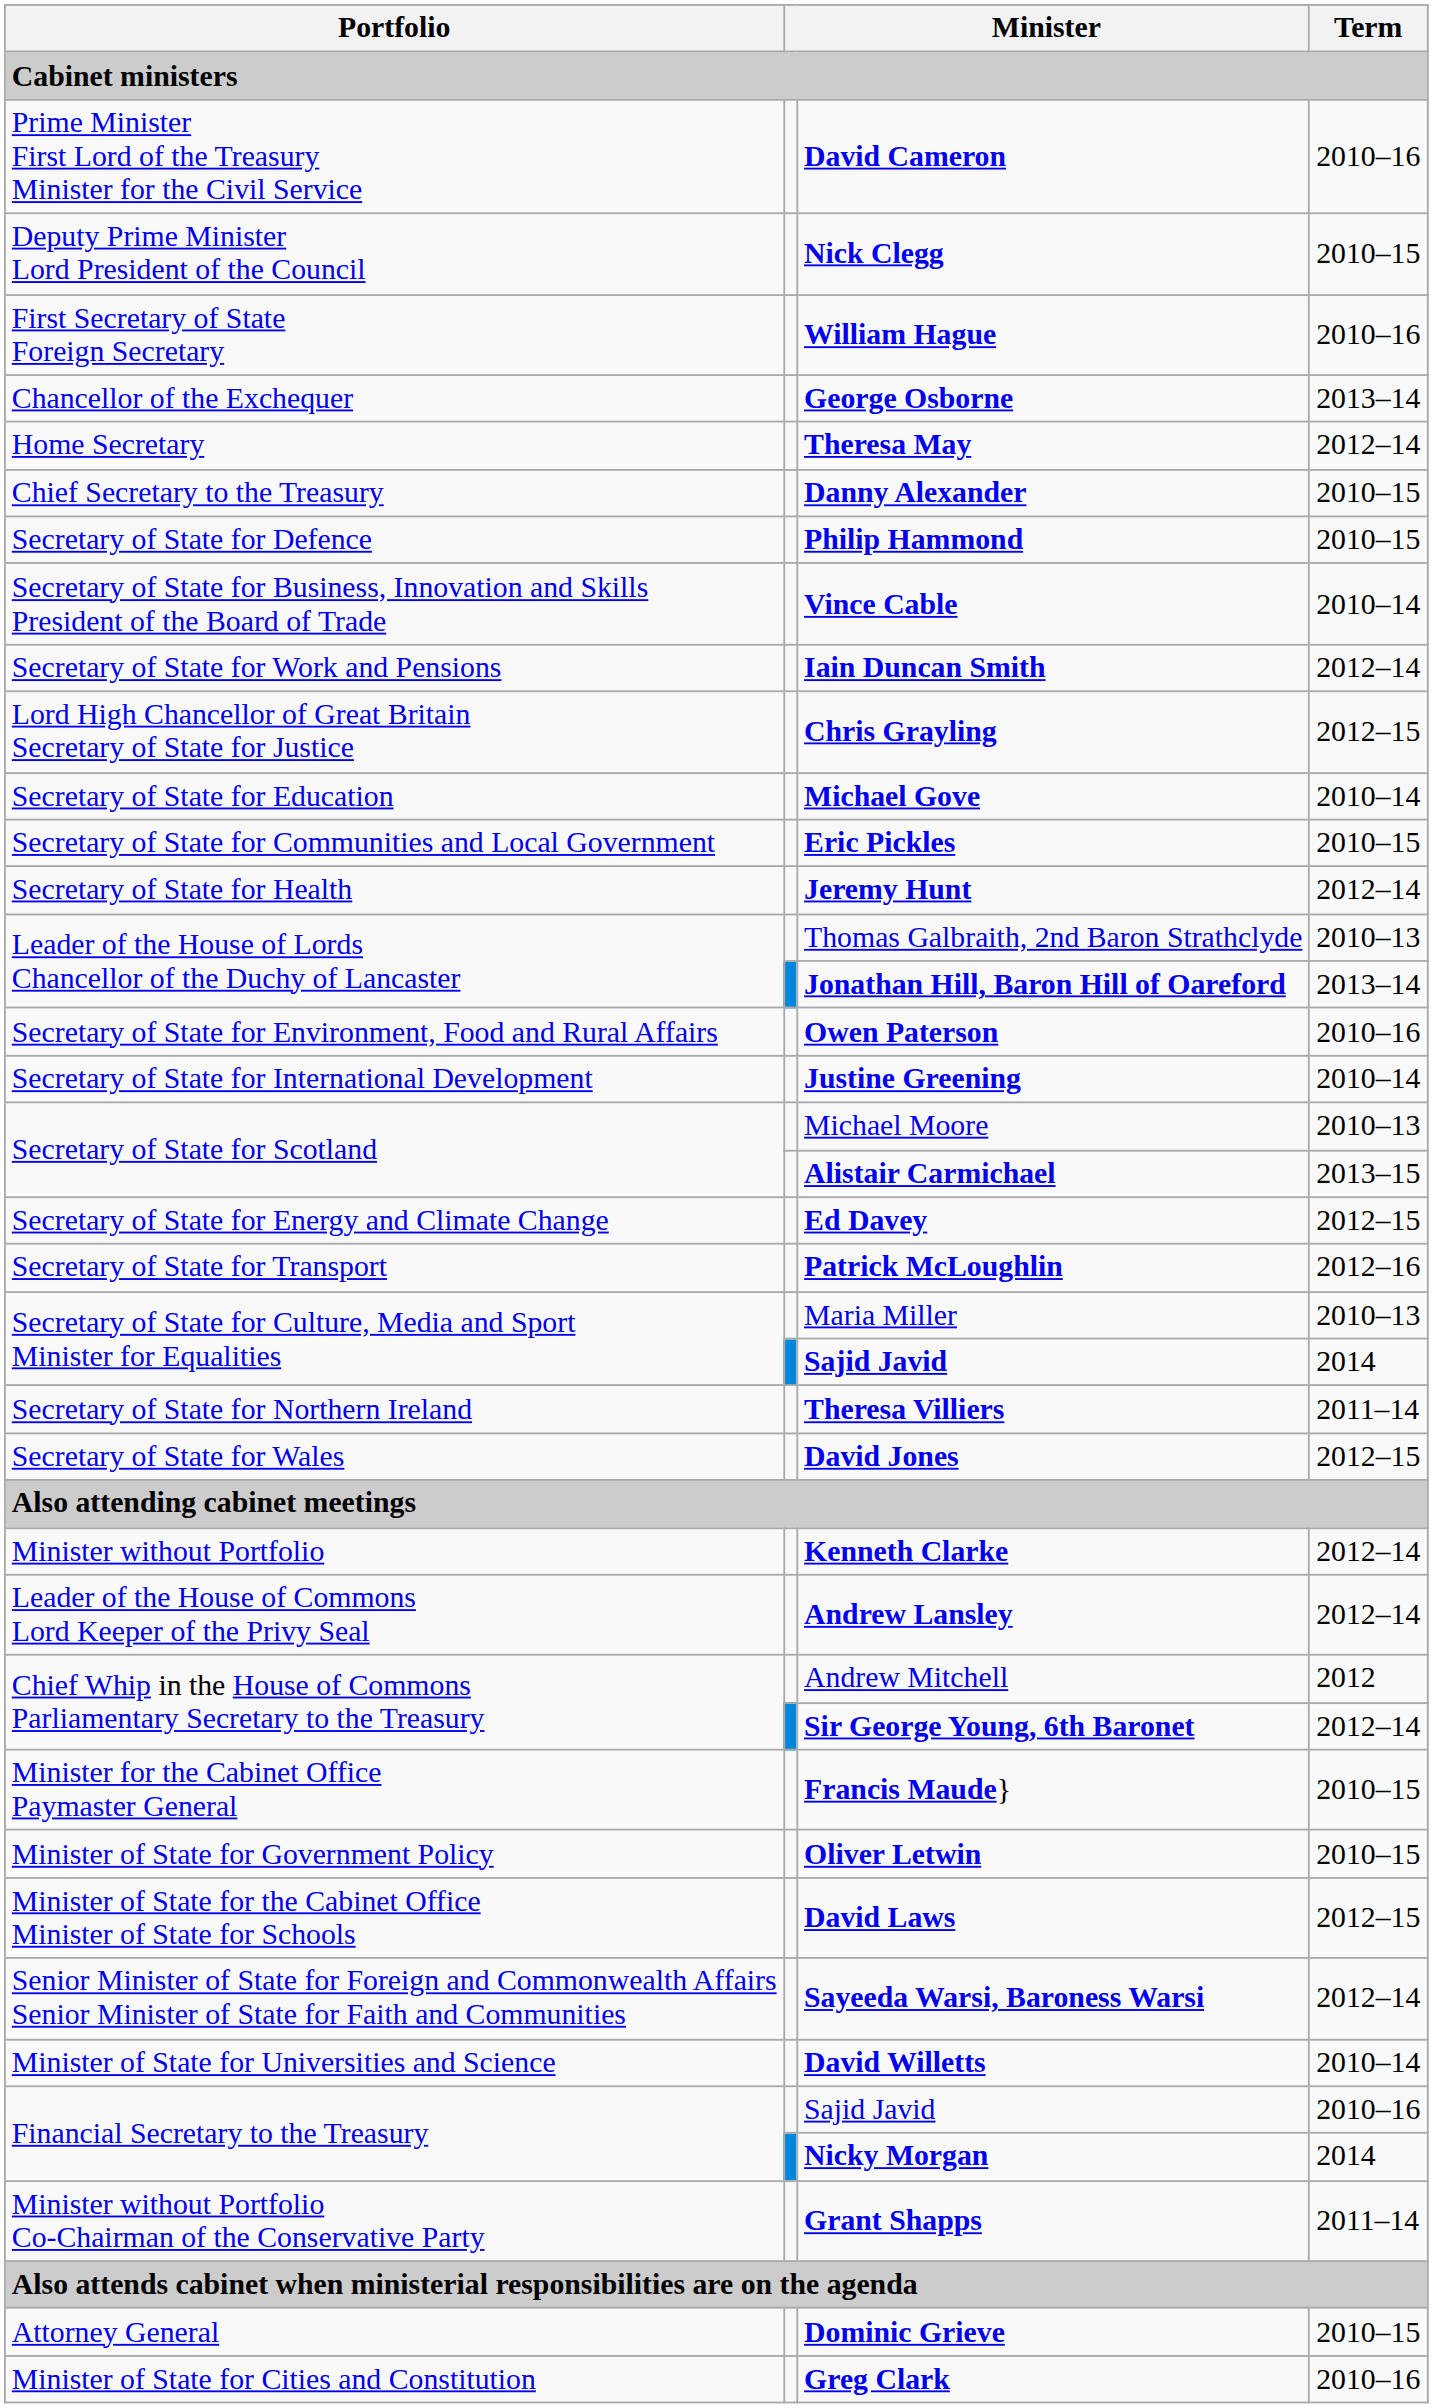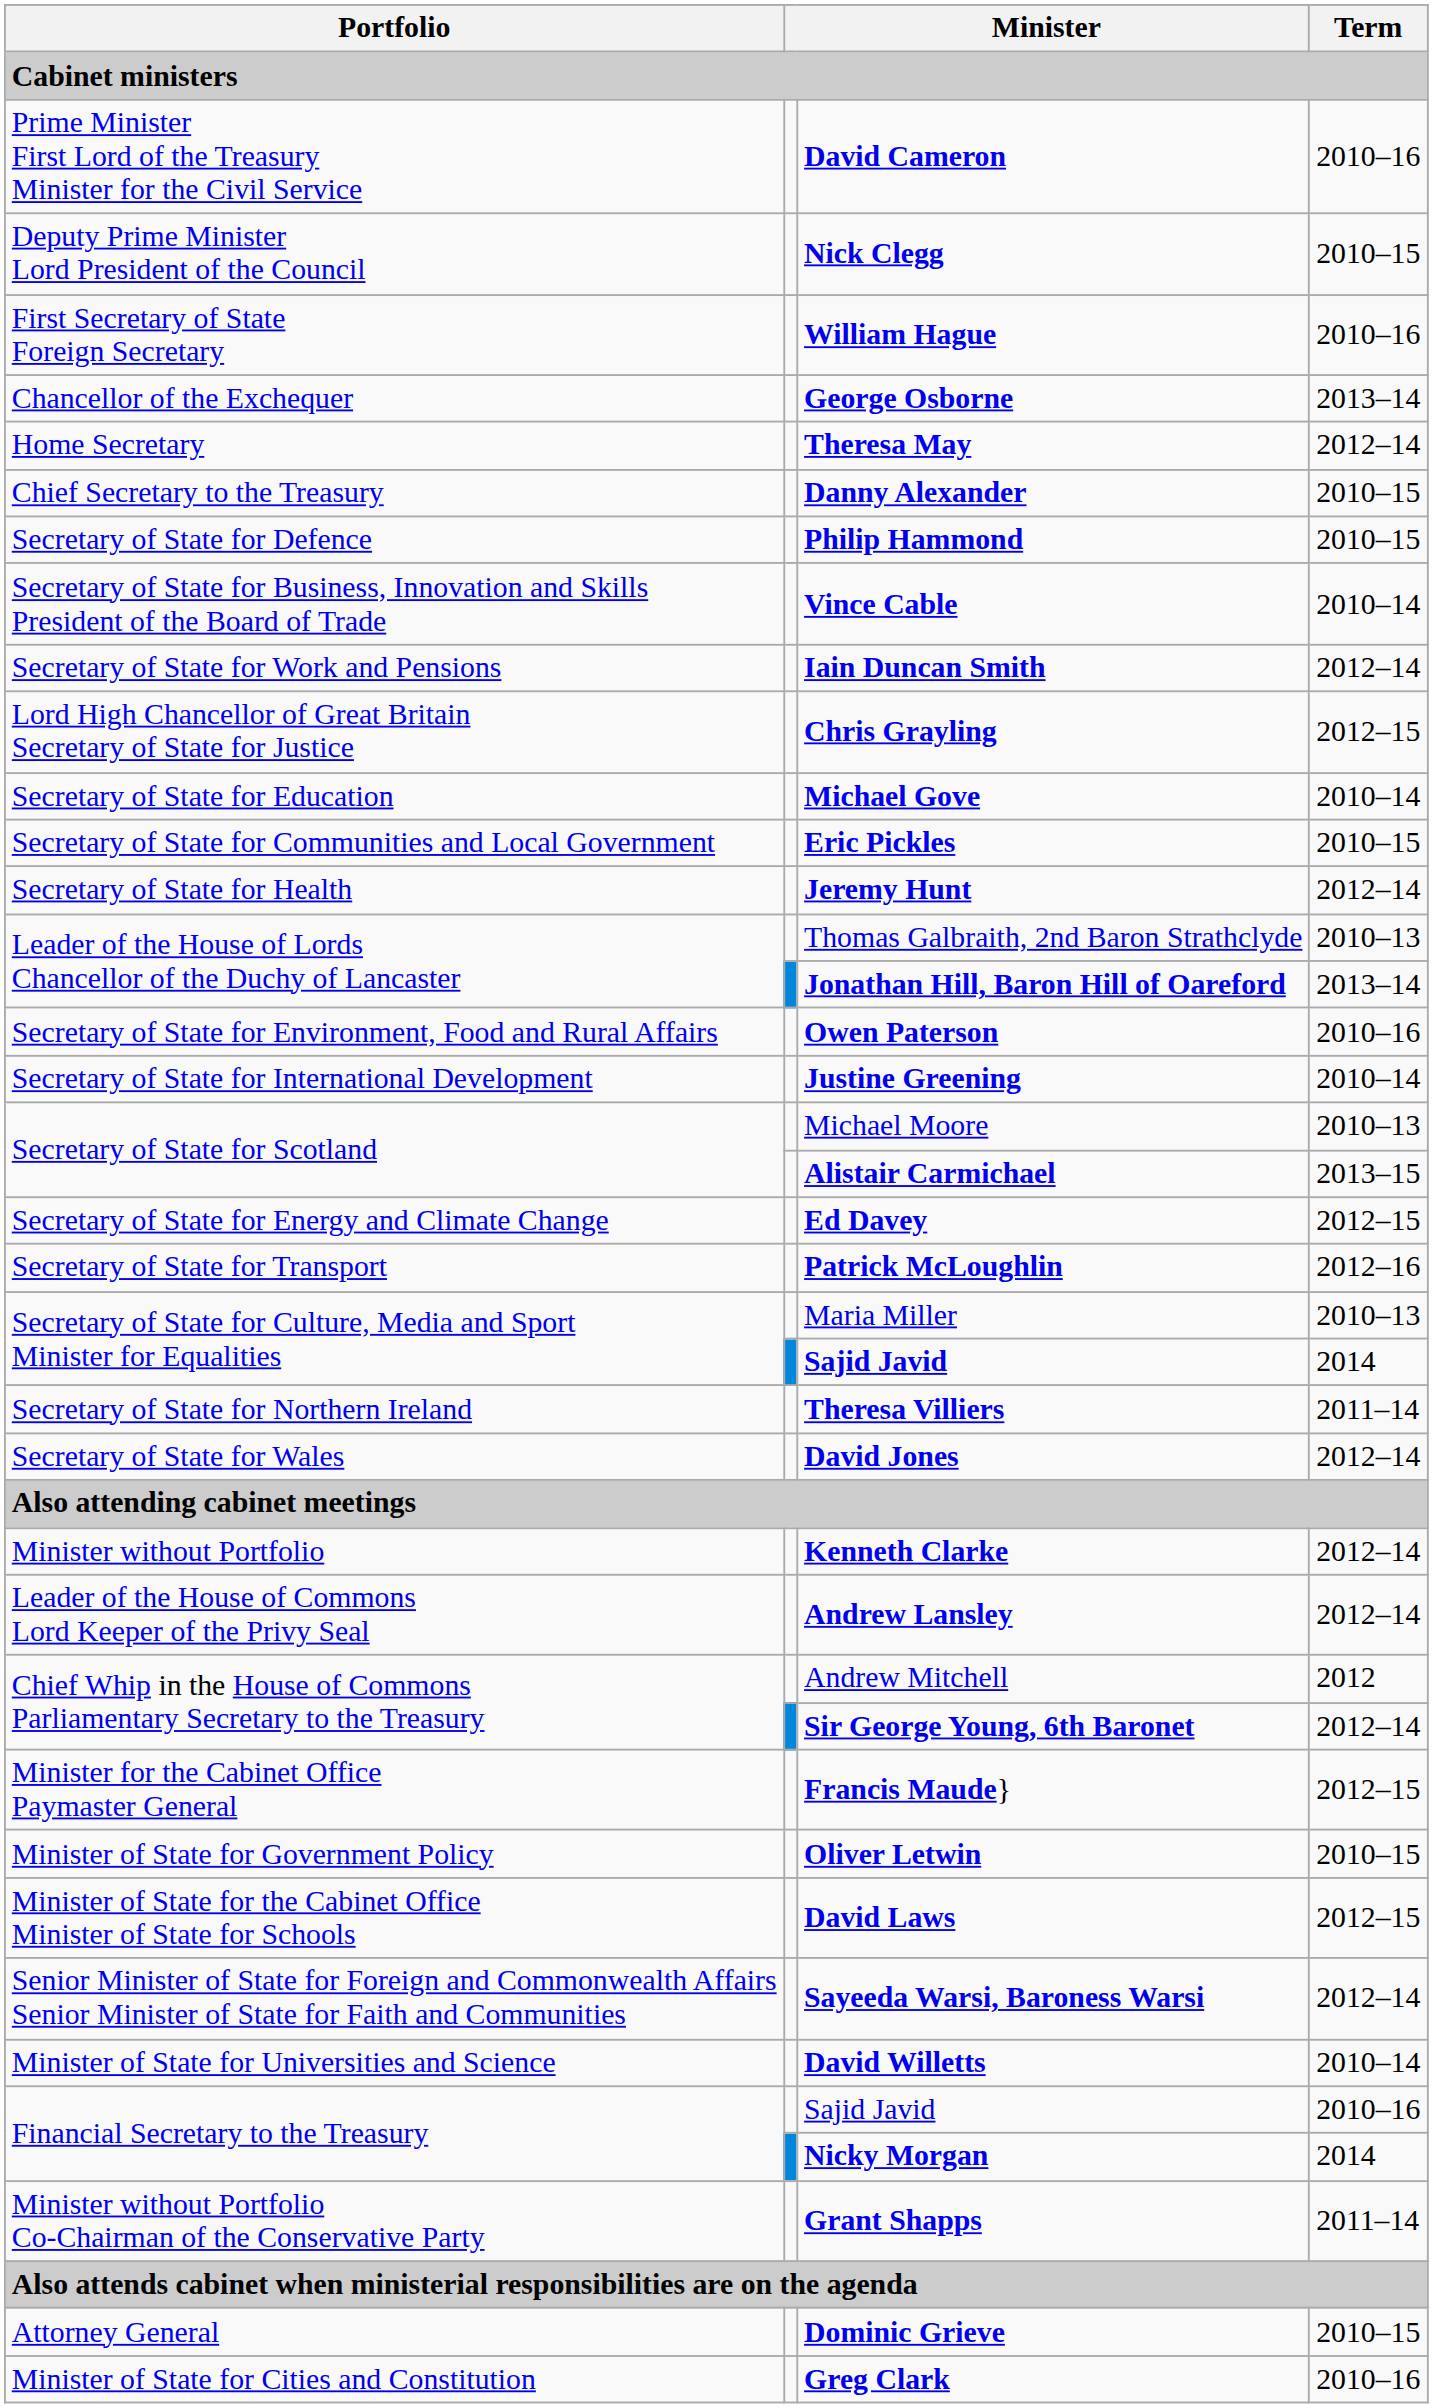 <table class="wikitable">
 <tr>
 <th>Portfolio</th>
 <th colspan=2>Minister</th>
 <th colspan=2>Term</th>
 </tr>
 <tr>
 <td style="background:#cccccc;" colspan="4"><strong>Cabinet ministers</strong></td>
 </tr>
 <tr>
 <td><a href='#'>Prime Minister</a><br><a href='#'>First Lord of the Treasury</a><br><a href='#'>Minister for the Civil Service</a></td>
 <td style="background:"></td>
 <td><strong><a href='#'>David Cameron</a></strong></td>
 <td>2010–16</td>
 </tr>
 <tr>
 <td><a href='#'>Deputy Prime Minister</a><br><a href='#'>Lord President of the Council</a></td>
 <td style="background:"></td>
 <td><strong><a href='#'>Nick Clegg</a></strong></td>
 <td>2010–15</td>
 </tr>
 <tr>
 <td><a href='#'>First Secretary of State</a><br><a href='#'>Foreign Secretary</a></td>
 <td style="background:"></td>
 <td><strong><a href='#'>William Hague</a></strong></td>
 <td>2010–16</td>
 </tr>
 <tr>
 <td><a href='#'>Chancellor of the Exchequer</a></td>
 <td style="background:"></td>
 <td><strong><a href='#'>George Osborne</a></strong></td>
 <td>2013–14</td>
 </tr>
 <tr>
 <td><a href='#'>Home Secretary</a></td>
 <td style="background:"></td>
 <td><strong><a href='#'>Theresa May</a></strong></td>
 <td>2012–14</td>
 </tr>
 <tr>
 <td><a href='#'>Chief Secretary to the Treasury</a></td>
 <td style="background:"></td>
 <td><strong><a href='#'>Danny Alexander</a></strong></td>
 <td>2010–15</td>
 </tr>
 <tr>
 <td><a href='#'>Secretary of State for Defence</a></td>
 <td style="background:"></td>
 <td><strong><a href='#'>Philip Hammond</a></strong></td>
 <td>2010–15</td>
 </tr>
 <tr>
 <td><a href='#'>Secretary of State for Business, Innovation and Skills</a><br><a href='#'>President of the Board of Trade</a></td>
 <td style="background:"></td>
 <td><strong><a href='#'>Vince Cable</a></strong></td>
 <td>2010–14</td>
 </tr>
 <tr>
 <td><a href='#'>Secretary of State for Work and Pensions</a></td>
 <td style="background:"></td>
 <td><strong><a href='#'>Iain Duncan Smith</a></strong></td>
 <td>2012–14</td>
 </tr>
 <tr>
 <td><a href='#'>Lord High Chancellor of Great Britain</a><br><a href='#'>Secretary of State for Justice</a></td>
 <td style="background:"></td>
 <td><strong><a href='#'>Chris Grayling</a></strong></td>
 <td>2012–15</td>
 </tr>
 <tr>
 <td><a href='#'>Secretary of State for Education</a></td>
 <td style="background:"></td>
 <td><strong><a href='#'>Michael Gove</a></strong></td>
 <td>2010–14</td>
 </tr>
 <tr>
 <td><a href='#'>Secretary of State for Communities and Local Government</a></td>
 <td style="background:"></td>
 <td><strong><a href='#'>Eric Pickles</a></strong></td>
 <td>2010–15</td>
 </tr>
 <tr>
 <td><a href='#'>Secretary of State for Health</a></td>
 <td style="background:"></td>
 <td><strong><a href='#'>Jeremy Hunt</a></strong></td>
 <td>2012–14</td>
 </tr>
 <tr>
 <td rowspan="2"><a href='#'>Leader of the House of Lords</a><br><a href='#'>Chancellor of the Duchy of Lancaster</a></td>
 <td style="background:"></td>
 <td><a href='#'>Thomas Galbraith, 2nd Baron Strathclyde</a></td>
 <td>2010–13</td>
 </tr>
 <tr>
 <td style="background:#0087DC"></td>
 <td><strong><a href='#'>Jonathan Hill, Baron Hill of Oareford</a></strong></td>
 <td>2013–14</td>
 </tr>
 <tr>
 <td><a href='#'>Secretary of State for Environment, Food and Rural Affairs</a></td>
 <td style="background:"></td>
 <td><strong><a href='#'>Owen Paterson</a></strong></td>
 <td>2010–16</td>
 </tr>
 <tr>
 <td><a href='#'>Secretary of State for International Development</a></td>
 <td style="background:"></td>
 <td><strong><a href='#'>Justine Greening</a></strong></td>
 <td>2010–14</td>
 </tr>
 <tr>
 <td rowspan="2"><a href='#'>Secretary of State for Scotland</a></td>
 <td style="background:"></td>
 <td><a href='#'>Michael Moore</a></td>
 <td>2010–13</td>
 </tr>
 <tr>
 <td style="background:"></td>
 <td><strong><a href='#'>Alistair Carmichael</a></strong></td>
 <td>2013–15</td>
 </tr>
 <tr>
 <td><a href='#'>Secretary of State for Energy and Climate Change</a></td>
 <td style="background:"></td>
 <td><strong><a href='#'>Ed Davey</a></strong></td>
 <td>2012–15</td>
 </tr>
 <tr>
 <td><a href='#'>Secretary of State for Transport</a></td>
 <td style="background:"></td>
 <td><strong><a href='#'>Patrick McLoughlin</a></strong></td>
 <td>2012–16</td>
 </tr>
 <tr>
 <td rowspan="2"><a href='#'>Secretary of State for Culture, Media and Sport</a><br><a href='#'>Minister for Equalities</a></td>
 <td style="background:"></td>
 <td><a href='#'>Maria Miller</a></td>
 <td>2010–13</td>
 </tr>
 <tr>
 <td style="background:#0087DC"></td>
 <td><strong><a href='#'>Sajid Javid</a></strong></td>
 <td>2014</td>
 </tr>
 <tr>
 <td><a href='#'>Secretary of State for Northern Ireland</a></td>
 <td style="background:"></td>
 <td><strong><a href='#'>Theresa Villiers</a></strong></td>
 <td>2011–14</td>
 </tr>
 <tr>
 <td><a href='#'>Secretary of State for Wales</a></td>
 <td style="background:"></td>
 <td><strong><a href='#'>David Jones</a></strong></td>
-<td>2012–15</td>
+<td>2012–14</td>
 </tr>
 <tr>
 <td style="background:#cccccc;" colspan="4"><strong>Also attending cabinet meetings</strong></td>
 </tr>
 <tr>
 <td><a href='#'>Minister without Portfolio</a></td>
 <td style="background:"></td>
 <td><strong><a href='#'>Kenneth Clarke</a></strong></td>
 <td>2012–14</td>
 </tr>
 <tr>
 <td><a href='#'>Leader of the House of Commons</a><br><a href='#'>Lord Keeper of the Privy Seal</a></td>
 <td style="background:"></td>
 <td><strong><a href='#'>Andrew Lansley</a></strong></td>
 <td>2012–14</td>
 </tr>
 <tr>
 <td rowspan="2"><a href='#'>Chief Whip</a> in the <a href='#'>House of Commons</a><br><a href='#'>Parliamentary Secretary to the Treasury</a></td>
 <td style="background:"></td>
 <td><a href='#'>Andrew Mitchell</a></td>
 <td>2012</td>
 </tr>
 <tr>
 <td style="background:#0087DC"></td>
 <td><strong><a href='#'>Sir George Young, 6th Baronet</a></strong></td>
 <td>2012–14</td>
 </tr>
 <tr>
 <td><a href='#'>Minister for the Cabinet Office</a><br><a href='#'>Paymaster General</a></td>
 <td style="background:"></td>
 <td><strong><a href='#'>Francis Maude</a></strong>}</td>
-<td>2010–15</td>
+<td>2012–15</td>
 </tr>
 <tr>
 <td><a href='#'>Minister of State for Government Policy</a></td>
 <td style="background:"></td>
 <td><strong><a href='#'>Oliver Letwin</a></strong></td>
 <td>2010–15</td>
 </tr>
 <tr>
 <td><a href='#'>Minister of State for the Cabinet Office</a><br> <a href='#'>Minister of State for Schools</a></td>
 <td style="background:"></td>
 <td><strong><a href='#'>David Laws</a></strong></td>
 <td>2012–15</td>
 </tr>
 <tr>
 <td><a href='#'>Senior Minister of State for Foreign and Commonwealth Affairs</a><br><a href='#'>Senior Minister of State for Faith and Communities</a></td>
 <td style="background:"></td>
 <td><strong><a href='#'>Sayeeda Warsi, Baroness Warsi</a></strong></td>
 <td>2012–14</td>
 </tr>
 <tr>
 <td><a href='#'>Minister of State for Universities and Science</a></td>
 <td style="background:"></td>
 <td><strong><a href='#'>David Willetts</a></strong></td>
 <td>2010–14</td>
 </tr>
 <tr>
 <td rowspan="2"><a href='#'>Financial Secretary to the Treasury</a></td>
 <td style="background:"></td>
 <td><a href='#'>Sajid Javid</a></td>
 <td>2010–16</td>
 </tr>
 <tr>
 <td style="background:#0087DC"></td>
 <td><strong><a href='#'>Nicky Morgan</a></strong></td>
 <td>2014</td>
 </tr>
 <tr>
 <td><a href='#'>Minister without Portfolio</a><br><a href='#'>Co-Chairman of the Conservative Party</a></td>
 <td style="background:"></td>
 <td><strong><a href='#'>Grant Shapps</a></strong></td>
 <td>2011–14</td>
 </tr>
 <tr>
 <td style="background:#cccccc;" colspan="4"><strong>Also attends cabinet when ministerial responsibilities are on the agenda</strong></td>
 </tr>
 <tr>
 <td><a href='#'>Attorney General</a></td>
 <td style="background:"></td>
 <td><strong><a href='#'>Dominic Grieve</a></strong></td>
 <td>2010–15</td>
 </tr>
 <tr>
 <td><a href='#'>Minister of State for Cities and Constitution</a></td>
 <td style="background:"></td>
 <td><strong><a href='#'>Greg Clark</a></strong></td>
 <td>2010–16</td>
 </tr>
 </table>
